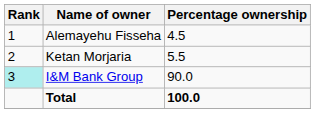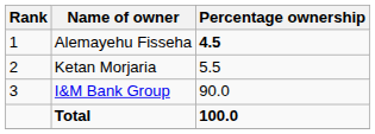 <table class="wikitable sortable" style="margin: 0.5em auto">
 <tr>
 <th>Rank</th>
 <th>Name of owner</th>
 <th>Percentage ownership</th>
 </tr>
 <tr>
 <td>1</td>
 <td>Alemayehu Fisseha</td>
-<td>4.5</td>
+<td><strong>4.5</strong></td>
 </tr>
 <tr>
 <td>2</td>
 <td>Ketan Morjaria</td>
 <td>5.5</td>
 </tr>
 <tr>
-<td style="background: paleturquoise;">3</td>
+<td>3</td>
 <td><a href='#'>I&M Bank Group</a></td>
 <td>90.0</td>
 </tr>
 <tr>
 <td></td>
 <td><strong>Total</strong></td>
 <td><strong>100.0</strong></td>
 </tr>
 <tr>
 </tr>
 </table>
